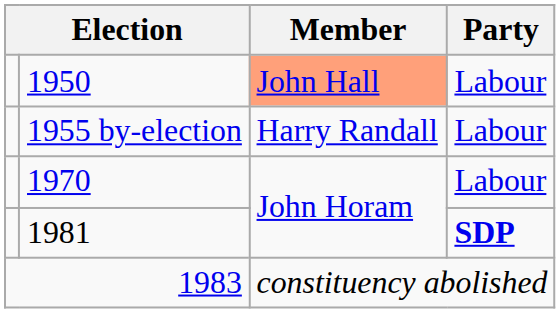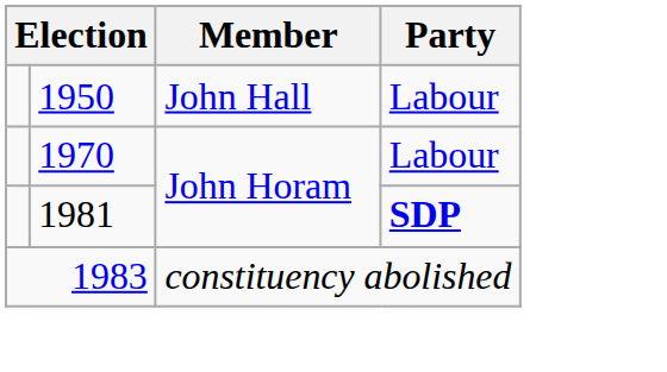 <table class="wikitable">
 <tr>
 <th colspan="2">Election</th>
 <th>Member</th>
 <th>Party</th>
 </tr>
 <tr>
 <td style="color:inherit;background-color: "></td>
 <td><a href='#'>1950</a></td>
-<td style="background: lightsalmon;"><a href='#'>John Hall</a></td>
-<td><a href='#'>Labour</a></td>
-</tr>
-<tr>
-<td style="color:inherit;background-color: "></td>
-<td><a href='#'>1955 by-election</a></td>
-<td><a href='#'>Harry Randall</a></td>
+<td><a href='#'>John Hall</a></td>
 <td><a href='#'>Labour</a></td>
 </tr>
 <tr>
 <td style="color:inherit;background-color: "></td>
 <td><a href='#'>1970</a></td>
 <td rowspan="2"><a href='#'>John Horam</a></td>
 <td><a href='#'>Labour</a></td>
 </tr>
 <tr>
 <td style="color:inherit;background-color: "></td>
 <td>1981</td>
 <td><strong><a href='#'>SDP</a></strong></td>
 </tr>
 <tr>
 <td colspan="2" align="right"><a href='#'>1983</a></td>
 <td colspan="2"><em>constituency abolished</em></td>
 </tr>
 </table>
